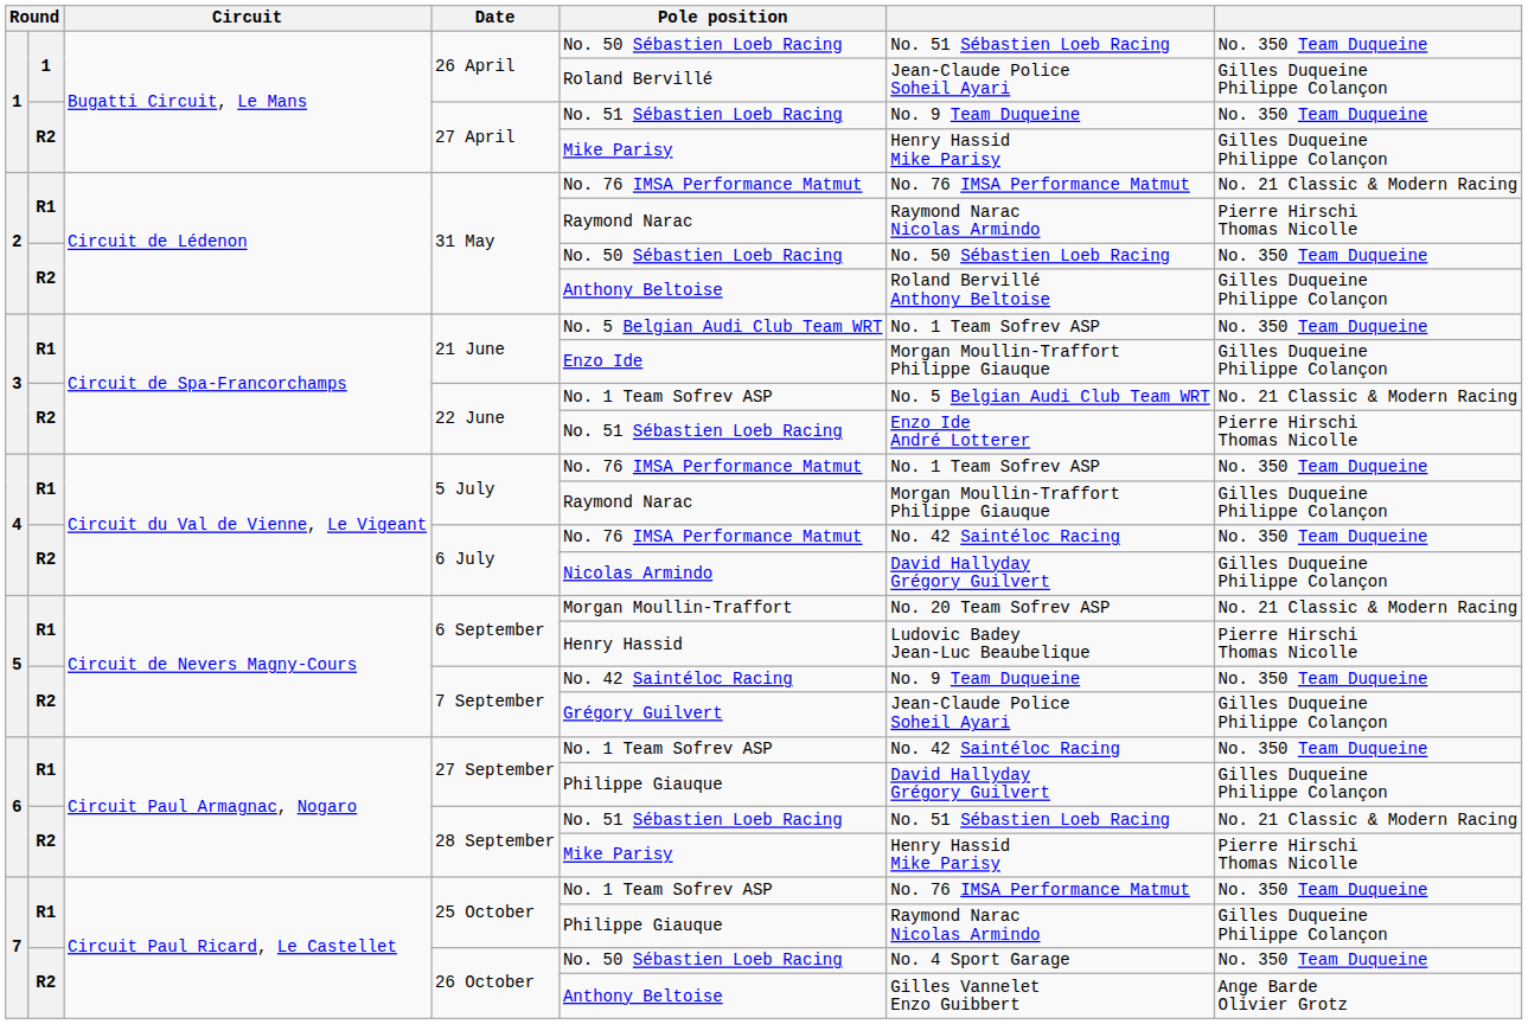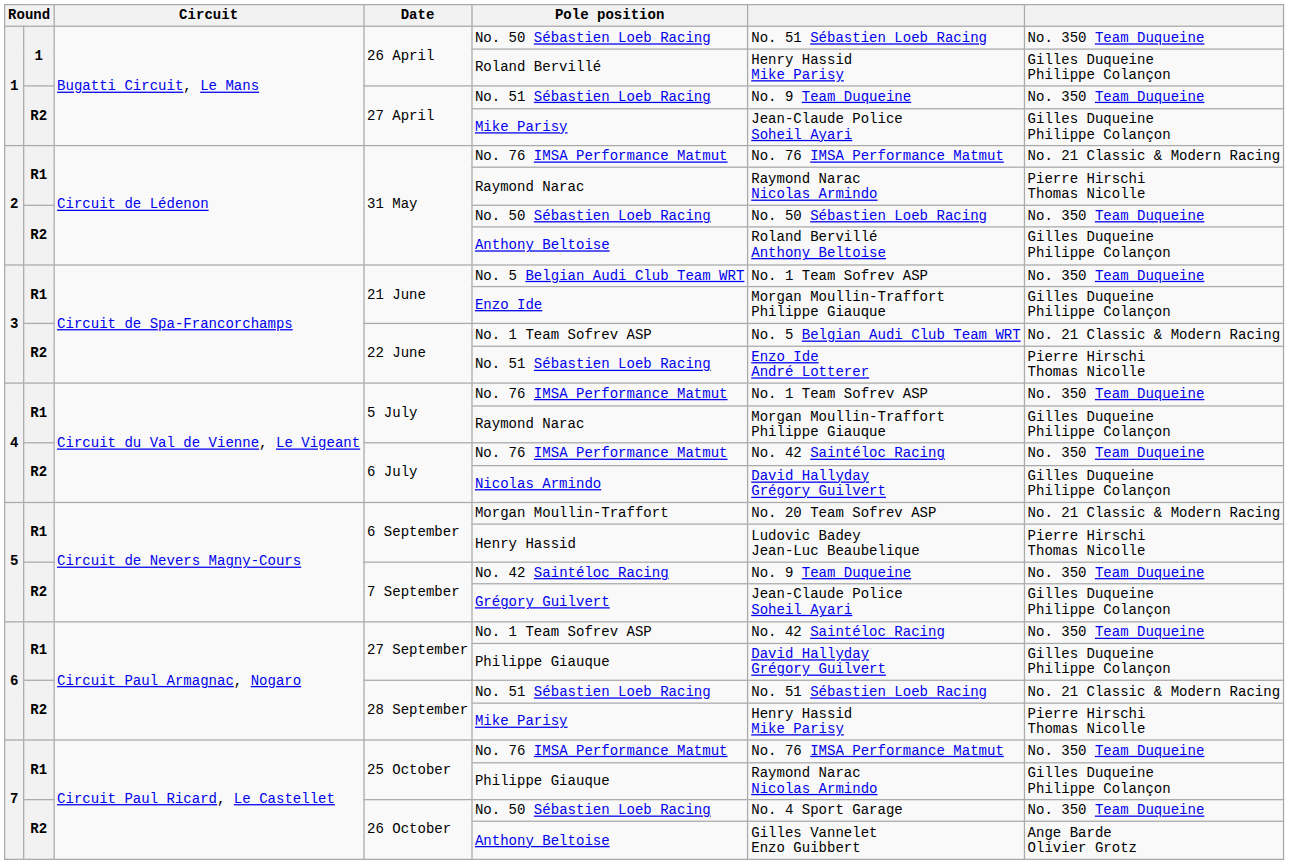 <table class="wikitable centre" style="font-size:85%">
 <tr>
 <th colspan=2>Round</th>
 <th>Circuit</th>
 <th>Date</th>
 <th>Pole position</th>
 <th></th>
 <th></th>
 </tr>
 <tr>
 <th rowspan=4>1</th>
 <th rowspan=2>1</th>
 <td rowspan=4> <a href='#'>Bugatti Circuit</a>, <a href='#'>Le Mans</a></td>
 <td rowspan=2>26 April</td>
 <td> No. 50 <a href='#'>Sébastien Loeb Racing</a></td>
 <td> No. 51 <a href='#'>Sébastien Loeb Racing</a></td>
 <td> No. 350 <a href='#'>Team Duqueine</a></td>
 </tr>
 <tr>
 <td> Roland Bervillé</td>
-<td> Jean-Claude Police<br> <a href='#'>Soheil Ayari</a></td>
+<td> Henry Hassid<br> <a href='#'>Mike Parisy</a></td>
 <td> Gilles Duqueine<br> Philippe Colançon</td>
 </tr>
 <tr>
 <th rowspan=2>R2</th>
 <td rowspan=2>27 April</td>
 <td> No. 51 <a href='#'>Sébastien Loeb Racing</a></td>
 <td> No. 9 <a href='#'>Team Duqueine</a></td>
 <td> No. 350 <a href='#'>Team Duqueine</a></td>
 </tr>
 <tr>
 <td> <a href='#'>Mike Parisy</a></td>
-<td> Henry Hassid<br> <a href='#'>Mike Parisy</a></td>
+<td> Jean-Claude Police<br> <a href='#'>Soheil Ayari</a></td>
 <td> Gilles Duqueine<br> Philippe Colançon</td>
 </tr>
 <tr>
 <th rowspan=4>2</th>
 <th rowspan=2>R1</th>
 <td rowspan=4> <a href='#'>Circuit de Lédenon</a></td>
 <td rowspan=4>31 May</td>
 <td> No. 76 <a href='#'>IMSA Performance Matmut</a></td>
 <td> No. 76 <a href='#'>IMSA Performance Matmut</a></td>
 <td> No. 21 Classic & Modern Racing</td>
 </tr>
 <tr>
 <td> Raymond Narac</td>
 <td> Raymond Narac<br> <a href='#'>Nicolas Armindo</a></td>
 <td> Pierre Hirschi<br> Thomas Nicolle</td>
 </tr>
 <tr>
 <th rowspan=2>R2</th>
 <td> No. 50 <a href='#'>Sébastien Loeb Racing</a></td>
 <td> No. 50 <a href='#'>Sébastien Loeb Racing</a></td>
 <td> No. 350 <a href='#'>Team Duqueine</a></td>
 </tr>
 <tr>
 <td> <a href='#'>Anthony Beltoise</a></td>
 <td> Roland Bervillé<br> <a href='#'>Anthony Beltoise</a></td>
 <td> Gilles Duqueine<br> Philippe Colançon</td>
 </tr>
 <tr>
 <th rowspan=4>3</th>
 <th rowspan=2>R1</th>
 <td rowspan=4> <a href='#'>Circuit de Spa-Francorchamps</a></td>
 <td rowspan=2>21 June</td>
 <td> No. 5 <a href='#'>Belgian Audi Club Team WRT</a></td>
 <td> No. 1 Team Sofrev ASP</td>
 <td> No. 350 <a href='#'>Team Duqueine</a></td>
 </tr>
 <tr>
 <td> <a href='#'>Enzo Ide</a></td>
 <td> Morgan Moullin-Traffort<br> Philippe Giauque</td>
 <td> Gilles Duqueine<br> Philippe Colançon</td>
 </tr>
 <tr>
 <th rowspan=2>R2</th>
 <td rowspan=2>22 June</td>
 <td> No. 1 Team Sofrev ASP</td>
 <td> No. 5 <a href='#'>Belgian Audi Club Team WRT</a></td>
 <td> No. 21 Classic & Modern Racing</td>
 </tr>
 <tr>
 <td> No. 51 <a href='#'>Sébastien Loeb Racing</a></td>
 <td> <a href='#'>Enzo Ide</a><br> <a href='#'>André Lotterer</a></td>
 <td> Pierre Hirschi<br> Thomas Nicolle</td>
 </tr>
 <tr>
 <th rowspan=4>4</th>
 <th rowspan=2>R1</th>
 <td rowspan=4> <a href='#'>Circuit du Val de Vienne</a>, <a href='#'>Le Vigeant</a></td>
 <td rowspan=2>5 July</td>
 <td> No. 76 <a href='#'>IMSA Performance Matmut</a></td>
 <td> No. 1 Team Sofrev ASP</td>
 <td> No. 350 <a href='#'>Team Duqueine</a></td>
 </tr>
 <tr>
 <td> Raymond Narac</td>
 <td> Morgan Moullin-Traffort<br> Philippe Giauque</td>
 <td> Gilles Duqueine<br> Philippe Colançon</td>
 </tr>
 <tr>
 <th rowspan=2>R2</th>
 <td rowspan=2>6 July</td>
 <td> No. 76 <a href='#'>IMSA Performance Matmut</a></td>
 <td> No. 42 <a href='#'>Saintéloc Racing</a></td>
 <td> No. 350 <a href='#'>Team Duqueine</a></td>
 </tr>
 <tr>
 <td> <a href='#'>Nicolas Armindo</a></td>
 <td> <a href='#'>David Hallyday</a><br> <a href='#'>Grégory Guilvert</a></td>
 <td> Gilles Duqueine<br> Philippe Colançon</td>
 </tr>
 <tr>
 <th rowspan=4>5</th>
 <th rowspan=2>R1</th>
 <td rowspan=4>  <a href='#'>Circuit de Nevers Magny-Cours</a></td>
 <td rowspan=2>6 September</td>
 <td> Morgan Moullin-Traffort</td>
 <td> No. 20 Team Sofrev ASP</td>
 <td> No. 21 Classic & Modern Racing</td>
 </tr>
 <tr>
 <td> Henry Hassid</td>
 <td> Ludovic Badey<br> Jean-Luc Beaubelique</td>
 <td> Pierre Hirschi<br> Thomas Nicolle</td>
 </tr>
 <tr>
 <th rowspan=2>R2</th>
 <td rowspan=2>7 September</td>
 <td> No. 42 <a href='#'>Saintéloc Racing</a></td>
 <td> No. 9 <a href='#'>Team Duqueine</a></td>
 <td> No. 350 <a href='#'>Team Duqueine</a></td>
 </tr>
 <tr>
 <td> <a href='#'>Grégory Guilvert</a></td>
 <td> Jean-Claude Police<br> <a href='#'>Soheil Ayari</a></td>
 <td> Gilles Duqueine<br> Philippe Colançon</td>
 </tr>
 <tr>
 <th rowspan=4>6</th>
 <th rowspan=2>R1</th>
 <td rowspan=4> <a href='#'>Circuit Paul Armagnac</a>, <a href='#'>Nogaro</a></td>
 <td rowspan=2>27 September</td>
 <td> No. 1 Team Sofrev ASP</td>
 <td> No. 42 <a href='#'>Saintéloc Racing</a></td>
 <td> No. 350 <a href='#'>Team Duqueine</a></td>
 </tr>
 <tr>
 <td> Philippe Giauque</td>
 <td> <a href='#'>David Hallyday</a><br> <a href='#'>Grégory Guilvert</a></td>
 <td> Gilles Duqueine<br> Philippe Colançon</td>
 </tr>
 <tr>
 <th rowspan=2>R2</th>
 <td rowspan=2>28 September</td>
 <td> No. 51 <a href='#'>Sébastien Loeb Racing</a></td>
 <td> No. 51 <a href='#'>Sébastien Loeb Racing</a></td>
 <td> No. 21 Classic & Modern Racing</td>
 </tr>
 <tr>
 <td> <a href='#'>Mike Parisy</a></td>
 <td> Henry Hassid<br> <a href='#'>Mike Parisy</a></td>
 <td> Pierre Hirschi<br> Thomas Nicolle</td>
 </tr>
 <tr>
 <th rowspan=4>7</th>
 <th rowspan=2>R1</th>
 <td rowspan=4> <a href='#'>Circuit Paul Ricard</a>, <a href='#'>Le Castellet</a></td>
 <td rowspan=2>25 October</td>
-<td> No. 1 Team Sofrev ASP</td>
+<td> No. 76 <a href='#'>IMSA Performance Matmut</a></td>
 <td> No. 76 <a href='#'>IMSA Performance Matmut</a></td>
 <td> No. 350 <a href='#'>Team Duqueine</a></td>
 </tr>
 <tr>
 <td> Philippe Giauque</td>
 <td> Raymond Narac<br> <a href='#'>Nicolas Armindo</a></td>
 <td> Gilles Duqueine<br> Philippe Colançon</td>
 </tr>
 <tr>
 <th rowspan=2>R2</th>
 <td rowspan=2>26 October</td>
 <td> No. 50 <a href='#'>Sébastien Loeb Racing</a></td>
 <td> No. 4 Sport Garage</td>
 <td> No. 350 <a href='#'>Team Duqueine</a></td>
 </tr>
 <tr>
 <td> <a href='#'>Anthony Beltoise</a></td>
 <td> Gilles Vannelet<br> Enzo Guibbert</td>
 <td> Ange Barde<br> Olivier Grotz</td>
 </tr>
 </table>
